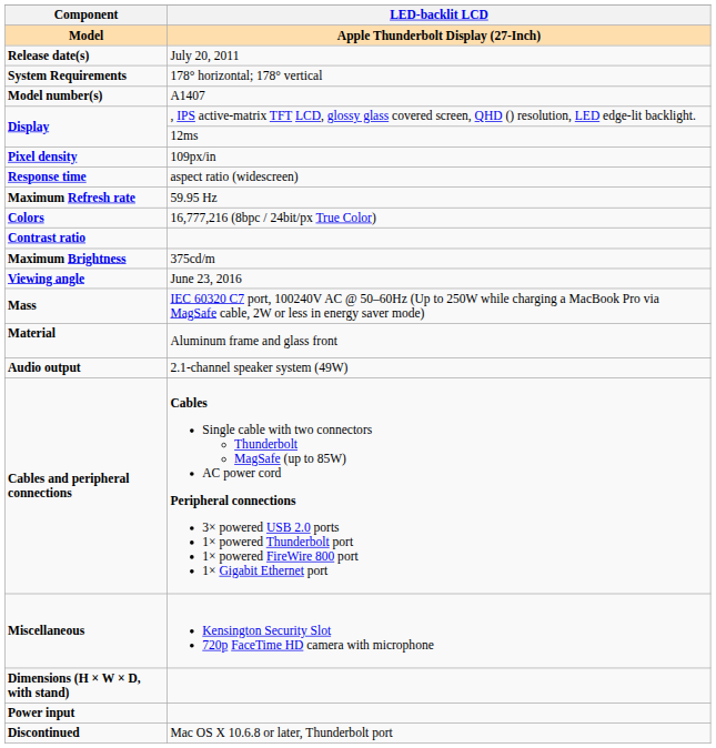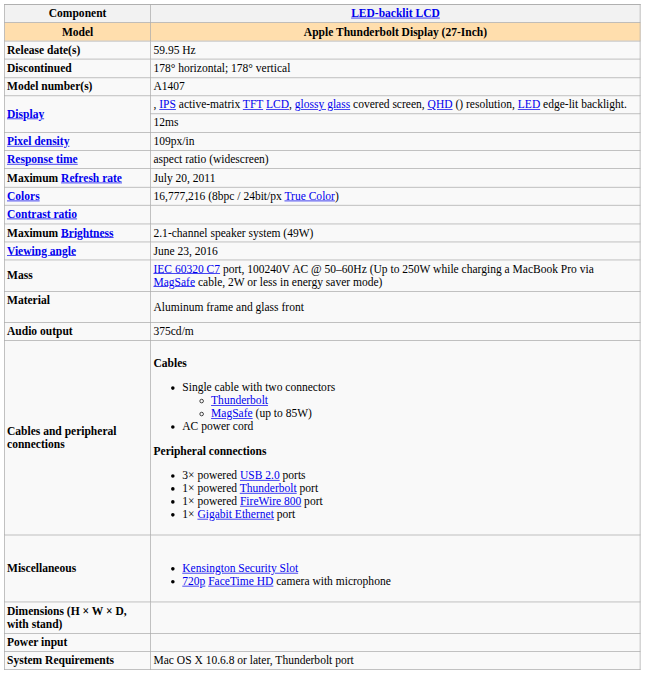 <table class="wikitable collapsible" style="width: 100%;">
 <tr>
 </tr>
 <tr>
 <th>Component</th>
 <th><a href='#'>LED-backlit LCD</a></th>
 </tr>
 <tr>
 <th style="background: #ffdead;">Model</th>
 <th style="background: #ffdead;">Apple Thunderbolt Display (27-Inch)</th>
 </tr>
 <tr>
 <td><strong>Release date(s)</strong></td>
-<td>July 20, 2011</td>
+<td>59.95 Hz</td>
 </tr>
 <tr>
-<td><strong>System Requirements</strong></td>
+<td><strong>Discontinued</strong></td>
 <td>178° horizontal; 178° vertical</td>
 </tr>
 <tr>
 <td><strong>Model number(s)</strong></td>
 <td>A1407</td>
 </tr>
 <tr>
 <td rowspan=2><strong><a href='#'>Display</a></strong></td>
 <td>, <a href='#'>IPS</a> active-matrix <a href='#'>TFT</a> <a href='#'>LCD</a>, <a href='#'>glossy glass</a> covered screen, <a href='#'>QHD</a> () resolution, <a href='#'>LED</a> edge-lit backlight.</td>
 </tr>
 <tr>
 <td>12ms</td>
 </tr>
 <tr>
 <td><strong><a href='#'>Pixel density</a></strong></td>
 <td>109px/in</td>
 </tr>
 <tr>
 <td><strong><a href='#'>Response time</a></strong></td>
 <td> aspect ratio (widescreen)</td>
 </tr>
 <tr>
 <td><strong>Maximum <a href='#'>Refresh rate</a></strong></td>
-<td>59.95 Hz</td>
+<td>July 20, 2011</td>
 </tr>
 <tr>
 <td><strong><a href='#'>Colors</a></strong></td>
 <td>16,777,216 (8bpc / 24bit/px <a href='#'>True Color</a>)</td>
 </tr>
 <tr>
 <td><strong><a href='#'>Contrast ratio</a></strong></td>
 <td></td>
 </tr>
 <tr>
 <td><strong>Maximum <a href='#'>Brightness</a></strong></td>
-<td>375cd/m</td>
+<td>2.1-channel speaker system (49W)</td>
 </tr>
 <tr>
 <td><strong><a href='#'>Viewing angle</a></strong></td>
 <td>June 23, 2016</td>
 </tr>
 <tr>
 <td><strong>Mass</strong></td>
 <td><a href='#'>IEC 60320 C7</a> port, 100240V AC @ 50–60Hz (Up to 250W while charging a MacBook Pro via <a href='#'>MagSafe</a> cable, 2W or less in energy saver mode)</td>
 </tr>
 <tr>
 <td><strong>Material</strong><br><br></td>
 <td>Aluminum frame and glass front</td>
 </tr>
 <tr>
 <td><strong>Audio output</strong></td>
-<td>2.1-channel speaker system (49W)</td>
+<td>375cd/m</td>
 </tr>
 <tr>
 <td><strong>Cables and peripheral connections</strong></td>
 <td><br><strong>Cables</strong><ul><li>Single cable with two connectors<ul><li><a href='#'>Thunderbolt</a></li><li><a href='#'>MagSafe</a> (up to 85W)</li></ul></li><li>AC power cord</li></ul><strong>Peripheral connections</strong><ul><li>3× powered <a href='#'>USB 2.0</a> ports</li><li>1× powered <a href='#'>Thunderbolt</a> port</li><li>1× powered <a href='#'>FireWire 800</a> port</li><li>1× <a href='#'>Gigabit Ethernet</a> port</li></ul></td>
 </tr>
 <tr>
 <td><strong>Miscellaneous</strong></td>
 <td><br><ul><li><a href='#'>Kensington Security Slot</a></li><li><a href='#'>720p</a> <a href='#'>FaceTime HD</a> camera with microphone</li></ul></td>
 </tr>
 <tr>
 <td><strong>Dimensions (H × W × D, with stand)</strong></td>
 <td></td>
 </tr>
 <tr>
 <td><strong>Power input</strong></td>
 <td></td>
 </tr>
 <tr>
-<td><strong>Discontinued</strong></td>
+<td><strong>System Requirements</strong></td>
 <td>Mac OS X 10.6.8 or later, Thunderbolt port</td>
 </tr>
 </table>
